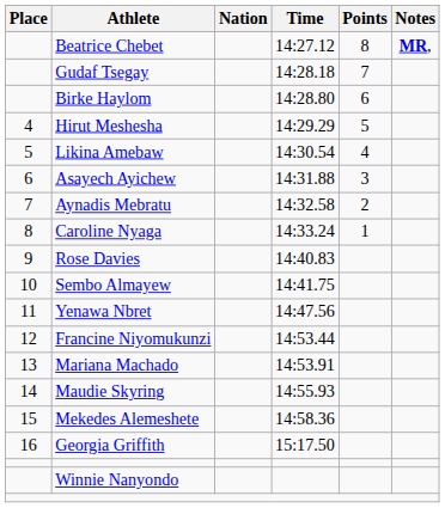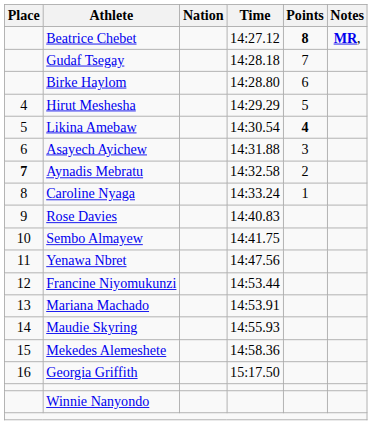 <table class="wikitable mw-datatable sortable" style="text-align:center;">
 <tr>
 <th scope="col">Place</th>
 <th scope="col">Athlete</th>
 <th scope="col">Nation</th>
 <th scope="col">Time</th>
 <th scope="col">Points</th>
 <th scope="col">Notes</th>
 </tr>
 <tr>
 <td></td>
 <td align="left"><a href='#'>Beatrice Chebet</a></td>
 <td align="left"></td>
 <td>14:27.12</td>
-<td>8</td>
+<td><strong>8</strong></td>
 <td><strong><a href='#'>MR</a></strong>, </td>
 </tr>
 <tr>
 <td></td>
 <td align="left"><a href='#'>Gudaf Tsegay</a></td>
 <td align="left"></td>
 <td>14:28.18</td>
 <td>7</td>
 <td></td>
 </tr>
 <tr>
 <td></td>
 <td align="left"><a href='#'>Birke Haylom</a></td>
 <td align="left"></td>
 <td>14:28.80</td>
 <td>6</td>
 <td></td>
 </tr>
 <tr>
 <td>4</td>
 <td align="left"><a href='#'>Hirut Meshesha</a></td>
 <td align="left"></td>
 <td>14:29.29</td>
 <td>5</td>
 <td></td>
 </tr>
 <tr>
 <td>5</td>
 <td align="left"><a href='#'>Likina Amebaw</a></td>
 <td align="left"></td>
 <td>14:30.54</td>
-<td>4</td>
+<td><strong>4</strong></td>
 <td></td>
 </tr>
 <tr>
 <td>6</td>
 <td align="left"><a href='#'>Asayech Ayichew</a></td>
 <td align="left"></td>
 <td>14:31.88</td>
 <td>3</td>
 <td></td>
 </tr>
 <tr>
-<td>7</td>
+<td><strong>7</strong></td>
 <td align="left"><a href='#'>Aynadis Mebratu</a></td>
 <td align="left"></td>
 <td>14:32.58</td>
 <td>2</td>
 <td></td>
 </tr>
 <tr>
 <td>8</td>
 <td align="left"><a href='#'>Caroline Nyaga</a></td>
 <td align="left"></td>
 <td>14:33.24</td>
 <td>1</td>
 <td></td>
 </tr>
 <tr>
 <td>9</td>
 <td align="left"><a href='#'>Rose Davies</a></td>
 <td align="left"></td>
 <td>14:40.83</td>
 <td></td>
 <td><strong></strong></td>
 </tr>
 <tr>
 <td>10</td>
 <td align="left"><a href='#'>Sembo Almayew</a></td>
 <td align="left"></td>
 <td>14:41.75</td>
 <td></td>
 <td></td>
 </tr>
 <tr>
 <td>11</td>
 <td align="left"><a href='#'>Yenawa Nbret</a></td>
 <td align="left"></td>
 <td>14:47.56</td>
 <td></td>
 <td></td>
 </tr>
 <tr>
 <td>12</td>
 <td align="left"><a href='#'>Francine Niyomukunzi</a></td>
 <td align="left"></td>
 <td>14:53.44</td>
 <td></td>
 <td></td>
 </tr>
 <tr>
 <td>13</td>
 <td align=left><a href='#'>Mariana Machado</a></td>
 <td align=left></td>
 <td>14:53.91</td>
 <td></td>
 <td></td>
 </tr>
 <tr>
 <td>14</td>
 <td align=left><a href='#'>Maudie Skyring</a></td>
 <td align=left></td>
 <td>14:55.93</td>
 <td></td>
 <td></td>
 </tr>
 <tr>
 <td>15</td>
 <td align="left"><a href='#'>Mekedes Alemeshete</a></td>
 <td align="left"></td>
 <td>14:58.36</td>
 <td></td>
 <td></td>
 </tr>
 <tr>
 <td>16</td>
 <td align="left"><a href='#'>Georgia Griffith</a></td>
 <td align="left"></td>
 <td>15:17.50</td>
 <td></td>
 <td></td>
 </tr>
 <tr>
 <td></td>
 <td align="left"></td>
 <td align="left"></td>
 <td></td>
 <td></td>
 <td></td>
 </tr>
 <tr>
 <td></td>
 <td align="left"><a href='#'>Winnie Nanyondo</a></td>
 <td align="left"></td>
 <td></td>
 <td></td>
 <td></td>
 </tr>
 <tr class="sortbottom">
 <td colspan="6"></td>
 </tr>
 </table>
